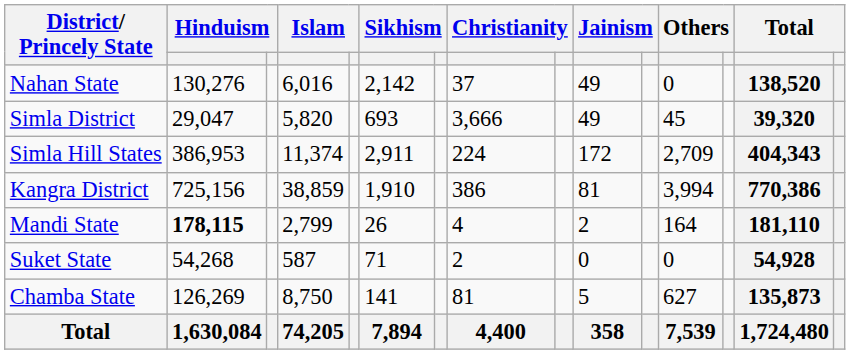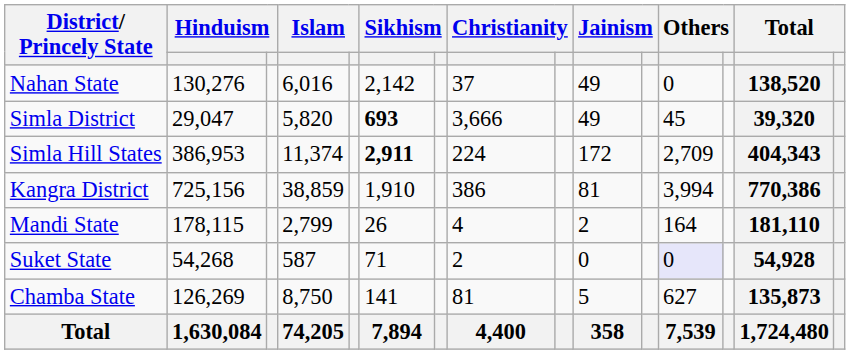 <table class="wikitable sortable">
 <tr>
 <th rowspan="2"><a href='#'>District</a>/<br><a href='#'>Princely State</a></th>
 <th colspan="2"><a href='#'>Hinduism</a> </th>
 <th colspan="2"><a href='#'>Islam</a> </th>
 <th colspan="2"><a href='#'>Sikhism</a> </th>
 <th colspan="2"><a href='#'>Christianity</a> </th>
 <th colspan="2"><a href='#'>Jainism</a> </th>
 <th colspan="2">Others</th>
 <th colspan="2">Total</th>
 </tr>
 <tr>
 <th><a href='#'></a></th>
 <th></th>
 <th></th>
 <th></th>
 <th></th>
 <th></th>
 <th></th>
 <th></th>
 <th></th>
 <th></th>
 <th></th>
 <th></th>
 <th></th>
 <th></th>
 </tr>
 <tr>
 <td><a href='#'>Nahan State</a></td>
 <td>130,276</td>
 <td></td>
 <td>6,016</td>
 <td></td>
 <td>2,142</td>
 <td></td>
 <td>37</td>
 <td></td>
 <td>49</td>
 <td></td>
 <td>0</td>
 <td></td>
 <th>138,520</th>
 <th></th>
 </tr>
 <tr>
 <td><a href='#'>Simla District</a></td>
 <td>29,047</td>
 <td></td>
 <td>5,820</td>
 <td></td>
-<td>693</td>
+<td><strong>693</strong></td>
 <td></td>
 <td>3,666</td>
 <td></td>
 <td>49</td>
 <td></td>
 <td>45</td>
 <td></td>
 <th>39,320</th>
 <th></th>
 </tr>
 <tr>
 <td><a href='#'>Simla Hill States</a></td>
 <td>386,953</td>
 <td></td>
 <td>11,374</td>
 <td></td>
-<td>2,911</td>
+<td><strong>2,911</strong></td>
 <td></td>
 <td>224</td>
 <td></td>
 <td>172</td>
 <td></td>
 <td>2,709</td>
 <td></td>
 <th>404,343</th>
 <th></th>
 </tr>
 <tr>
 <td><a href='#'>Kangra District</a></td>
 <td>725,156</td>
 <td></td>
 <td>38,859</td>
 <td></td>
 <td>1,910</td>
 <td></td>
 <td>386</td>
 <td></td>
 <td>81</td>
 <td></td>
 <td>3,994</td>
 <td></td>
 <th>770,386</th>
 <th></th>
 </tr>
 <tr>
 <td><a href='#'>Mandi State</a></td>
-<td><strong>178,115</strong></td>
+<td>178,115</td>
 <td></td>
 <td>2,799</td>
 <td></td>
 <td>26</td>
 <td></td>
 <td>4</td>
 <td></td>
 <td>2</td>
 <td></td>
 <td>164</td>
 <td></td>
 <th>181,110</th>
 <th></th>
 </tr>
 <tr>
 <td><a href='#'>Suket State</a></td>
 <td>54,268</td>
 <td></td>
 <td>587</td>
 <td></td>
 <td>71</td>
 <td></td>
 <td>2</td>
 <td></td>
 <td>0</td>
 <td></td>
-<td>0</td>
+<td style="background: lavender;">0</td>
 <td></td>
 <th>54,928</th>
 <th></th>
 </tr>
 <tr>
 <td><a href='#'>Chamba State</a></td>
 <td>126,269</td>
 <td></td>
 <td>8,750</td>
 <td></td>
 <td>141</td>
 <td></td>
 <td>81</td>
 <td></td>
 <td>5</td>
 <td></td>
 <td>627</td>
 <td></td>
 <th>135,873</th>
 <th></th>
 </tr>
 <tr>
 <th>Total</th>
 <th>1,630,084</th>
 <th></th>
 <th>74,205</th>
 <th></th>
 <th>7,894</th>
 <th></th>
 <th>4,400</th>
 <th></th>
 <th>358</th>
 <th></th>
 <th>7,539</th>
 <th></th>
 <th>1,724,480</th>
 <th></th>
 </tr>
 </table>
